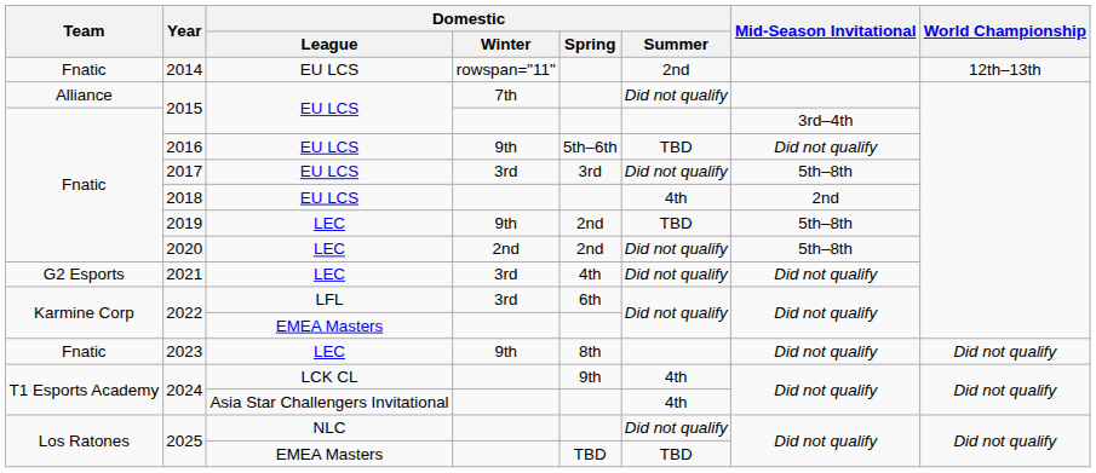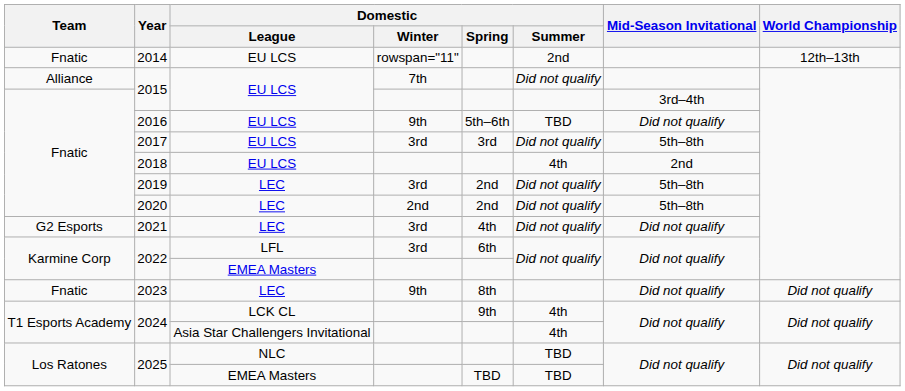 <table class="wikitable" style="font-size:90%; text-align:center;">
 <tr style="background:#f0f6ff;">
 <th rowspan=2>Team</th>
 <th rowspan=2>Year</th>
 <th colspan=4>Domestic</th>
 <th rowspan=2><a href='#'>Mid-Season Invitational</a></th>
 <th rowspan=2><a href='#'>World Championship</a></th>
 </tr>
 <tr>
 <th>League</th>
 <th>Winter</th>
 <th>Spring</th>
 <th>Summer</th>
 </tr>
 <tr>
 <td>Fnatic</td>
 <td>2014</td>
 <td>EU LCS</td>
 <td>rowspan="11" </td>
 <td></td>
 <td>2nd</td>
 <td></td>
 <td>12th–13th</td>
 </tr>
 <tr>
 <td>Alliance</td>
 <td rowspan="2">2015</td>
 <td rowspan="2"><a href='#'>EU LCS</a></td>
 <td>7th</td>
 <td></td>
 <td><em>Did not qualify</em></td>
 <td></td>
 </tr>
 <tr>
 <td rowspan="6">Fnatic</td>
 <td></td>
 <td></td>
 <td></td>
 <td>3rd–4th</td>
 </tr>
 <tr>
 <td>2016</td>
 <td><a href='#'>EU LCS</a></td>
 <td>9th</td>
 <td>5th–6th</td>
 <td>TBD</td>
 <td><em>Did not qualify</em></td>
 </tr>
 <tr>
 <td>2017</td>
 <td><a href='#'>EU LCS</a></td>
 <td>3rd</td>
 <td>3rd</td>
 <td><em>Did not qualify</em></td>
 <td>5th–8th</td>
 </tr>
 <tr>
 <td>2018</td>
 <td><a href='#'>EU LCS</a></td>
 <td></td>
 <td></td>
 <td>4th</td>
 <td>2nd</td>
 </tr>
 <tr>
 <td>2019</td>
 <td><a href='#'>LEC</a></td>
-<td>9th</td>
+<td>3rd</td>
 <td>2nd</td>
-<td>TBD</td>
+<td><em>Did not qualify</em></td>
 <td>5th–8th</td>
 </tr>
 <tr>
 <td>2020</td>
 <td><a href='#'>LEC</a></td>
 <td>2nd</td>
 <td>2nd</td>
 <td><em>Did not qualify</em></td>
 <td>5th–8th</td>
 </tr>
 <tr>
 <td>G2 Esports</td>
 <td>2021</td>
 <td><a href='#'>LEC</a></td>
 <td>3rd</td>
 <td>4th</td>
 <td><em>Did not qualify</em></td>
 <td><em>Did not qualify</em></td>
 </tr>
 <tr>
 <td rowspan="2">Karmine Corp</td>
 <td rowspan="2">2022</td>
 <td>LFL</td>
 <td>3rd</td>
 <td>6th</td>
 <td rowspan="2"><em>Did not qualify</em></td>
 <td rowspan="2"><em>Did not qualify</em></td>
 </tr>
 <tr>
 <td><a href='#'>EMEA Masters</a></td>
 <td></td>
 <td></td>
 </tr>
 <tr>
 <td>Fnatic</td>
 <td>2023</td>
 <td><a href='#'>LEC</a></td>
 <td>9th</td>
 <td>8th</td>
 <td></td>
 <td><em>Did not qualify</em></td>
 <td><em>Did not qualify</em></td>
 </tr>
 <tr>
 <td rowspan="2">T1 Esports Academy</td>
 <td rowspan="2">2024</td>
 <td>LCK CL</td>
 <td></td>
 <td>9th</td>
 <td>4th</td>
 <td rowspan="2"><em>Did not qualify</em></td>
 <td rowspan="2"><em>Did not qualify</em></td>
 </tr>
 <tr>
 <td>Asia Star Challengers Invitational</td>
 <td></td>
 <td></td>
 <td>4th</td>
 </tr>
 <tr>
 <td rowspan="2">Los Ratones</td>
 <td rowspan="2">2025</td>
 <td>NLC</td>
 <td></td>
 <td></td>
-<td><em>Did not qualify</em></td>
+<td>TBD</td>
 <td rowspan="2"><em>Did not qualify</em></td>
 <td rowspan="2"><em>Did not qualify</em></td>
 </tr>
 <tr>
 <td>EMEA Masters</td>
 <td></td>
 <td>TBD</td>
 <td>TBD</td>
 </tr>
 </table>
